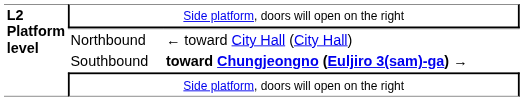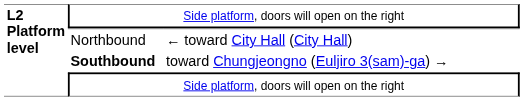 <table table border=0 cellspacing=0 cellpadding=3>
 <tr>
 <td style="border-top:solid 1px gray;border-bottom:solid 1px gray;" width=50 rowspan=10 valign=top><strong>L2<br>Platform level</strong></td>
 <td style="border-top:solid 1px gray;border-right:solid 2px black;border-left:solid 2px black;border-bottom:solid 2px black;text-align:center;" colspan=2><small><a href='#'>Side platform</a>, doors will open on the right </small></td>
 </tr>
 <tr>
 <td style="border-bottom:solid 0px gray;border-top:solid 1px gray;" width=100>Northbound</td>
 <td style="border-bottom:solid 0px gray;border-top:solid 1px gray;" width=390>←  toward <a href='#'>City Hall</a> (<a href='#'>City Hall</a>) <small></small></td>
 </tr>
 <tr>
-<td>Southbound</td>
-<td><strong>  toward <a href='#'>Chungjeongno</a> (<a href='#'>Euljiro 3(sam)-ga</a>) <small></small> →</strong></td>
+<td><strong>Southbound</strong></td>
+<td>  toward <a href='#'>Chungjeongno</a> (<a href='#'>Euljiro 3(sam)-ga</a>) <small></small> →</td>
 </tr>
 <tr>
 <td style="border-top:solid 2px black;border-right:solid 2px black;border-left:solid 2px black;border-bottom:solid 1px gray;text-align:center;" colspan=2><small><a href='#'>Side platform</a>, doors will open on the right </small></td>
 </tr>
 </table>
